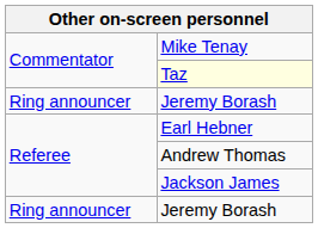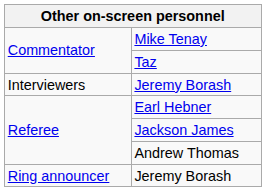 <table align="right" class="wikitable" style="border:1px; font-size:90%; margin-left:1em;">
 <tr>
 <th colspan="2" width="250"><strong>Other on-screen personnel</strong></th>
 </tr>
 <tr>
 <td rowspan=2><a href='#'>Commentator</a></td>
 <td><a href='#'>Mike Tenay</a></td>
 </tr>
 <tr>
-<td style="background: lightyellow;"><a href='#'>Taz</a></td>
+<td><a href='#'>Taz</a></td>
 </tr>
 <tr>
-<td><a href='#'>Ring announcer</a></td>
+<td rowspan=1>Interviewers</td>
 <td><a href='#'>Jeremy Borash</a></td>
 </tr>
 <tr>
 <td rowspan=3><a href='#'>Referee</a></td>
 <td><a href='#'>Earl Hebner</a></td>
 </tr>
 <tr>
-<td>Andrew Thomas</td>
+<td><a href='#'>Jackson James</a></td>
 </tr>
 <tr>
-<td><a href='#'>Jackson James</a></td>
+<td>Andrew Thomas</td>
 </tr>
 <tr>
 <td><a href='#'>Ring announcer</a></td>
 <td>Jeremy Borash</td>
 </tr>
 <tr>
 </tr>
 </table>
